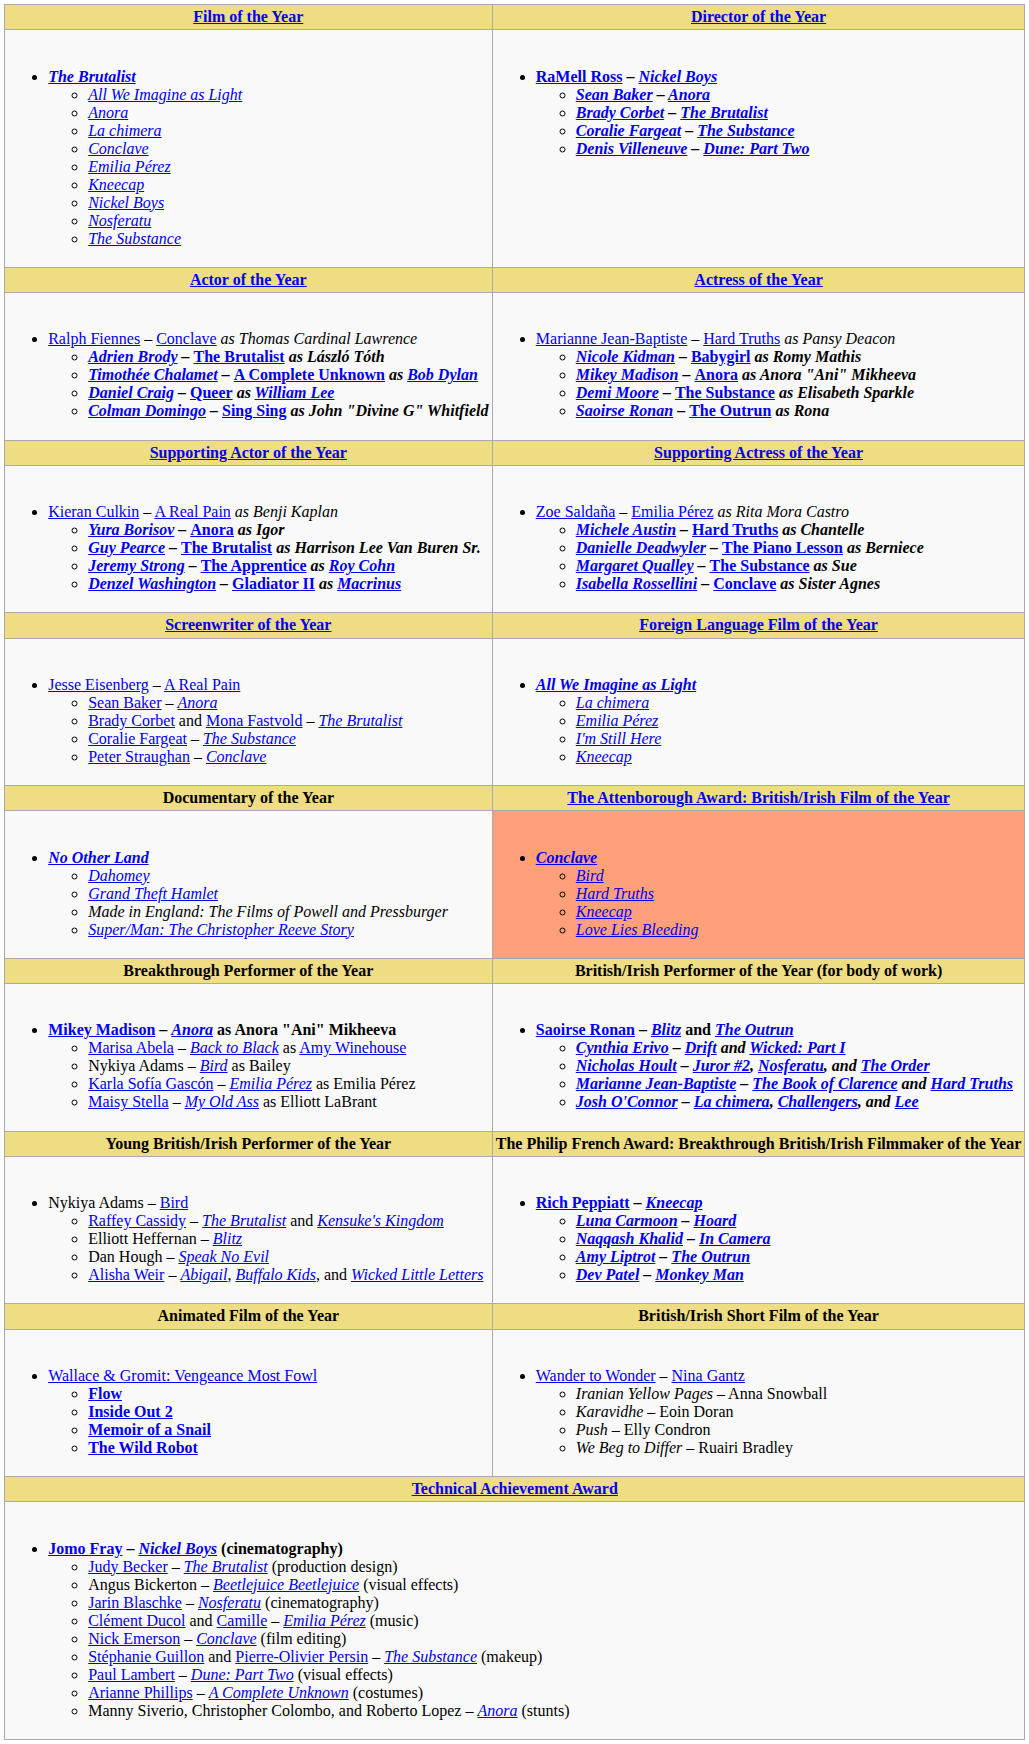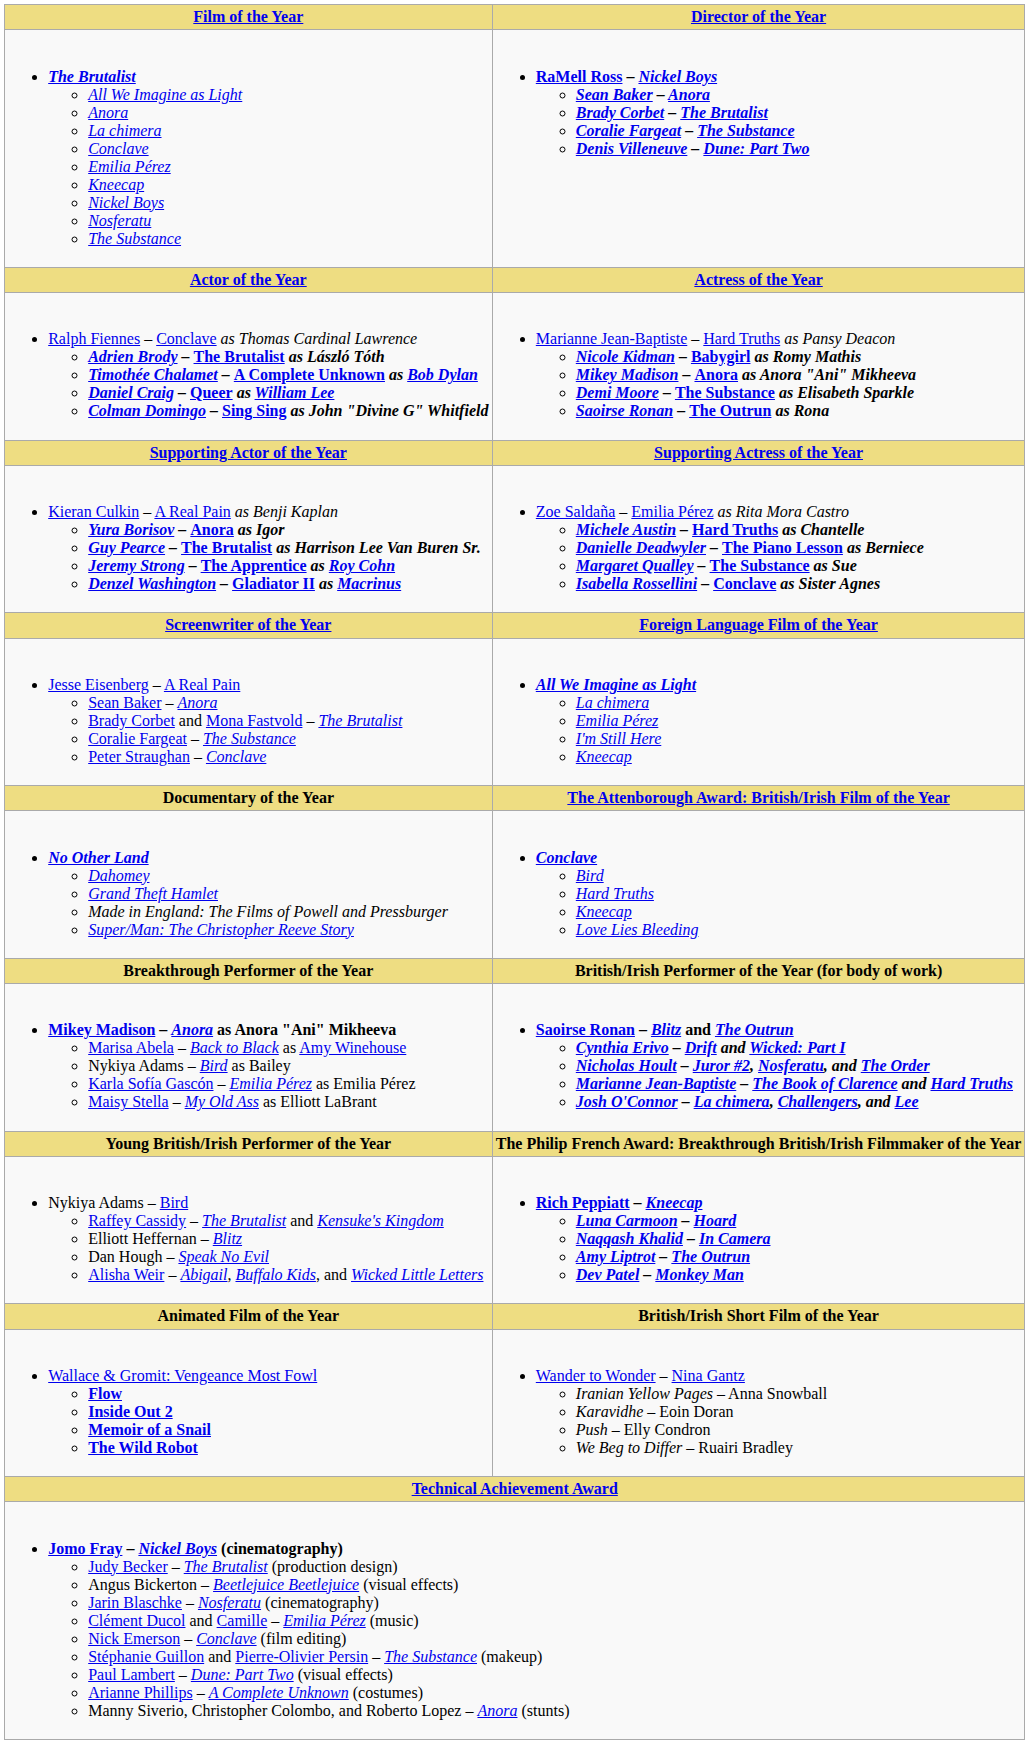 <table class="wikitable">
 <tr>
 <th style="background:#EEDD82;"><a href='#'>Film of the Year</a></th>
 <th style="background:#EEDD82;"><a href='#'>Director of the Year</a></th>
 </tr>
 <tr>
 <td valign="top"><br><ul><li><strong><em><a href='#'>The Brutalist</a></em></strong><ul><li><em><a href='#'>All We Imagine as Light</a></em></li><li><em><a href='#'>Anora</a></em></li><li><em><a href='#'>La chimera</a></em></li><li><em><a href='#'>Conclave</a></em></li><li><em><a href='#'>Emilia Pérez</a></em></li><li><em><a href='#'>Kneecap</a></em></li><li><em><a href='#'>Nickel Boys</a></em></li><li><em><a href='#'>Nosferatu</a></em></li><li><em><a href='#'>The Substance</a></em></li></ul></li></ul></td>
 <td valign="top"><br><ul><li><strong><a href='#'>RaMell Ross</a> – <em><a href='#'>Nickel Boys</a><strong><em><ul><li><a href='#'>Sean Baker</a> – </em><a href='#'>Anora</a><em></li><li><a href='#'>Brady Corbet</a> – </em><a href='#'>The Brutalist</a><em></li><li><a href='#'>Coralie Fargeat</a> – </em><a href='#'>The Substance</a><em></li><li><a href='#'>Denis Villeneuve</a> – </em><a href='#'>Dune: Part Two</a><em></li></ul></li></ul></td>
 </tr>
 <tr>
 <th style="background:#EEDD82;"><a href='#'>Actor of the Year</a></th>
 <th style="background:#EEDD82;"><a href='#'>Actress of the Year</a></th>
 </tr>
 <tr>
 <td valign="top"><br><ul><li></strong><a href='#'>Ralph Fiennes</a> – </em><a href='#'>Conclave</a><em> as Thomas Cardinal Lawrence<strong><ul><li><a href='#'>Adrien Brody</a> – </em><a href='#'>The Brutalist</a><em> as László Tóth</li><li><a href='#'>Timothée Chalamet</a> – </em><a href='#'>A Complete Unknown</a><em> as <a href='#'>Bob Dylan</a></li><li><a href='#'>Daniel Craig</a> – </em><a href='#'>Queer</a><em> as <a href='#'>William Lee</a></li><li><a href='#'>Colman Domingo</a> – </em><a href='#'>Sing Sing</a><em> as John "Divine G" Whitfield</li></ul></li></ul></td>
 <td valign="top"><br><ul><li></strong><a href='#'>Marianne Jean-Baptiste</a> – </em><a href='#'>Hard Truths</a><em> as Pansy Deacon<strong><ul><li><a href='#'>Nicole Kidman</a> – </em><a href='#'>Babygirl</a><em> as Romy Mathis</li><li><a href='#'>Mikey Madison</a> – </em><a href='#'>Anora</a><em> as Anora "Ani" Mikheeva</li><li><a href='#'>Demi Moore</a> – </em><a href='#'>The Substance</a><em> as Elisabeth Sparkle</li><li><a href='#'>Saoirse Ronan</a> – </em><a href='#'>The Outrun</a><em> as Rona</li></ul></li></ul></td>
 </tr>
 <tr>
 <th style="background:#EEDD82;"><a href='#'>Supporting Actor of the Year</a></th>
 <th style="background:#EEDD82;"><a href='#'>Supporting Actress of the Year</a></th>
 </tr>
 <tr>
 <td valign="top"><br><ul><li></strong><a href='#'>Kieran Culkin</a> – </em><a href='#'>A Real Pain</a><em> as Benji Kaplan<strong><ul><li><a href='#'>Yura Borisov</a> – </em><a href='#'>Anora</a><em> as Igor</li><li><a href='#'>Guy Pearce</a> – </em><a href='#'>The Brutalist</a><em> as Harrison Lee Van Buren Sr.</li><li><a href='#'>Jeremy Strong</a> – </em><a href='#'>The Apprentice</a><em> as <a href='#'>Roy Cohn</a></li><li><a href='#'>Denzel Washington</a> – </em><a href='#'>Gladiator II</a><em> as <a href='#'>Macrinus</a></li></ul></li></ul></td>
 <td valign="top"><br><ul><li></strong><a href='#'>Zoe Saldaña</a> – </em><a href='#'>Emilia Pérez</a><em> as Rita Mora Castro<strong><ul><li><a href='#'>Michele Austin</a> – </em><a href='#'>Hard Truths</a><em> as Chantelle</li><li><a href='#'>Danielle Deadwyler</a> – </em><a href='#'>The Piano Lesson</a><em> as Berniece</li><li><a href='#'>Margaret Qualley</a> – </em><a href='#'>The Substance</a><em> as Sue</li><li><a href='#'>Isabella Rossellini</a> – </em><a href='#'>Conclave</a><em> as Sister Agnes</li></ul></li></ul></td>
 </tr>
 <tr>
 <th style="background:#EEDD82;"><a href='#'>Screenwriter of the Year</a></th>
 <th style="background:#EEDD82;"><a href='#'>Foreign Language Film of the Year</a></th>
 </tr>
 <tr>
 <td valign="top"><br><ul><li></strong><a href='#'>Jesse Eisenberg</a> – </em><a href='#'>A Real Pain</a></em></strong><ul><li><a href='#'>Sean Baker</a> – <em><a href='#'>Anora</a></em></li><li><a href='#'>Brady Corbet</a> and <a href='#'>Mona Fastvold</a> – <em><a href='#'>The Brutalist</a></em></li><li><a href='#'>Coralie Fargeat</a> – <em><a href='#'>The Substance</a></em></li><li><a href='#'>Peter Straughan</a> – <em><a href='#'>Conclave</a></em></li></ul></li></ul></td>
 <td valign="top"><br><ul><li><strong><em><a href='#'>All We Imagine as Light</a></em></strong><ul><li><em><a href='#'>La chimera</a></em></li><li><em><a href='#'>Emilia Pérez</a></em></li><li><em><a href='#'>I'm Still Here</a></em></li><li><em><a href='#'>Kneecap</a></em></li></ul></li></ul></td>
 </tr>
 <tr>
 <th style="background:#EEDD82;">Documentary of the Year</th>
 <th style="background:#EEDD82;"><a href='#'>The Attenborough Award: British/Irish Film of the Year</a></th>
 </tr>
 <tr>
 <td valign="top"><br><ul><li><strong><em><a href='#'>No Other Land</a></em></strong><ul><li><em><a href='#'>Dahomey</a></em></li><li><em><a href='#'>Grand Theft Hamlet</a></em></li><li><em>Made in England: The Films of Powell and Pressburger</em></li><li><em><a href='#'>Super/Man: The Christopher Reeve Story</a></em></li></ul></li></ul></td>
-<td valign="top" style="background: lightsalmon;"><br><ul><li><strong><em><a href='#'>Conclave</a></em></strong><ul><li><em><a href='#'>Bird</a></em></li><li><em><a href='#'>Hard Truths</a></em></li><li><em><a href='#'>Kneecap</a></em></li><li><em><a href='#'>Love Lies Bleeding</a></em></li></ul></li></ul></td>
+<td valign="top"><br><ul><li><strong><em><a href='#'>Conclave</a></em></strong><ul><li><em><a href='#'>Bird</a></em></li><li><em><a href='#'>Hard Truths</a></em></li><li><em><a href='#'>Kneecap</a></em></li><li><em><a href='#'>Love Lies Bleeding</a></em></li></ul></li></ul></td>
 </tr>
 <tr>
 <th style="background:#EEDD82;">Breakthrough Performer of the Year</th>
 <th style="background:#EEDD82;">British/Irish Performer of the Year (for body of work)</th>
 </tr>
 <tr>
 <td valign="top"><br><ul><li><strong><a href='#'>Mikey Madison</a> – <em><a href='#'>Anora</a></em> as Anora "Ani" Mikheeva</strong><ul><li><a href='#'>Marisa Abela</a> – <em><a href='#'>Back to Black</a></em> as <a href='#'>Amy Winehouse</a></li><li>Nykiya Adams – <em><a href='#'>Bird</a></em> as Bailey</li><li><a href='#'>Karla Sofía Gascón</a> – <em><a href='#'>Emilia Pérez</a></em> as Emilia Pérez</li><li><a href='#'>Maisy Stella</a> – <em><a href='#'>My Old Ass</a></em> as Elliott LaBrant</li></ul></li></ul></td>
 <td valign="top"><br><ul><li><strong><a href='#'>Saoirse Ronan</a> – <em><a href='#'>Blitz</a></em> and <em><a href='#'>The Outrun</a><strong><em><ul><li><a href='#'>Cynthia Erivo</a> – </em><a href='#'>Drift</a><em> and </em><a href='#'>Wicked: Part I</a><em></li><li><a href='#'>Nicholas Hoult</a> – </em><a href='#'>Juror #2</a><em>, </em><a href='#'>Nosferatu</a><em>, and </em><a href='#'>The Order</a><em></li><li><a href='#'>Marianne Jean-Baptiste</a> – </em><a href='#'>The Book of Clarence</a><em> and </em><a href='#'>Hard Truths</a><em></li><li><a href='#'>Josh O'Connor</a> – </em><a href='#'>La chimera</a><em>, </em><a href='#'>Challengers</a><em>, and </em><a href='#'>Lee</a><em></li></ul></li></ul></td>
 </tr>
 <tr>
 <th style="background:#EEDD82;">Young British/Irish Performer of the Year</th>
 <th style="background:#EEDD82;">The Philip French Award: Breakthrough British/Irish Filmmaker of the Year</th>
 </tr>
 <tr>
 <td valign="top"><br><ul><li></strong>Nykiya Adams – </em><a href='#'>Bird</a></em></strong><ul><li><a href='#'>Raffey Cassidy</a> – <em><a href='#'>The Brutalist</a></em> and <em><a href='#'>Kensuke's Kingdom</a></em></li><li>Elliott Heffernan – <em><a href='#'>Blitz</a></em></li><li>Dan Hough – <em><a href='#'>Speak No Evil</a></em></li><li><a href='#'>Alisha Weir</a> – <em><a href='#'>Abigail</a></em>, <em><a href='#'>Buffalo Kids</a></em>, and <em><a href='#'>Wicked Little Letters</a></em></li></ul></li></ul></td>
 <td valign="top"><br><ul><li><strong><a href='#'>Rich Peppiatt</a> – <em><a href='#'>Kneecap</a><strong><em><ul><li><a href='#'>Luna Carmoon</a> – </em><a href='#'>Hoard</a><em></li><li><a href='#'>Naqqash Khalid</a> – </em><a href='#'>In Camera</a><em></li><li><a href='#'>Amy Liptrot</a> – </em><a href='#'>The Outrun</a><em></li><li><a href='#'>Dev Patel</a> – </em><a href='#'>Monkey Man</a><em></li></ul></li></ul></td>
 </tr>
 <tr>
 <th style="background:#EEDD82;">Animated Film of the Year</th>
 <th style="background:#EEDD82;">British/Irish Short Film of the Year</th>
 </tr>
 <tr>
 <td valign="top"><br><ul><li></em></strong><a href='#'>Wallace & Gromit: Vengeance Most Fowl</a><strong><em><ul><li></em><a href='#'>Flow</a><em></li><li></em><a href='#'>Inside Out 2</a><em></li><li></em><a href='#'>Memoir of a Snail</a><em></li><li></em><a href='#'>The Wild Robot</a><em></li></ul></li></ul></td>
 <td valign="top"><br><ul><li></em></strong><a href='#'>Wander to Wonder</a></em> – <a href='#'>Nina Gantz</a></strong><ul><li><em>Iranian Yellow Pages</em> – Anna Snowball</li><li><em>Karavidhe</em> – Eoin Doran</li><li><em>Push</em> – Elly Condron</li><li><em>We Beg to Differ</em> – Ruairi Bradley</li></ul></li></ul></td>
 </tr>
 <tr>
 <th style="background:#EEDD82;" colspan="2"><a href='#'>Technical Achievement Award</a></th>
 </tr>
 <tr>
 <td style="vertical-align:top;" colspan="2"><br><ul><li><strong><a href='#'>Jomo Fray</a> – <em><a href='#'>Nickel Boys</a></em> (cinematography)</strong><ul><li><a href='#'>Judy Becker</a> – <em><a href='#'>The Brutalist</a></em> (production design)</li><li>Angus Bickerton – <em><a href='#'>Beetlejuice Beetlejuice</a></em> (visual effects)</li><li><a href='#'>Jarin Blaschke</a> – <em><a href='#'>Nosferatu</a></em> (cinematography)</li><li><a href='#'>Clément Ducol</a> and <a href='#'>Camille</a> – <em><a href='#'>Emilia Pérez</a></em> (music)</li><li><a href='#'>Nick Emerson</a> – <em><a href='#'>Conclave</a></em> (film editing)</li><li><a href='#'>Stéphanie Guillon</a> and <a href='#'>Pierre-Olivier Persin</a> – <em><a href='#'>The Substance</a></em> (makeup)</li><li><a href='#'>Paul Lambert</a> – <em><a href='#'>Dune: Part Two</a></em> (visual effects)</li><li><a href='#'>Arianne Phillips</a> – <em><a href='#'>A Complete Unknown</a></em> (costumes)</li><li>Manny Siverio, Christopher Colombo, and Roberto Lopez – <em><a href='#'>Anora</a></em> (stunts)</li></ul></li></ul></td>
 </tr>
 </table>
